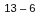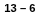 <table style="text-align:center">
 <tr>
 <th width=200></th>
 <th width=100></th>
 <th width=200></th>
 </tr>
 <tr>
 <td align=right><strong></strong></td>
-<td>13 – 6</td>
+<td><strong>13 – 6</strong></td>
 <td align=left></td>
 </tr>
 </table>
